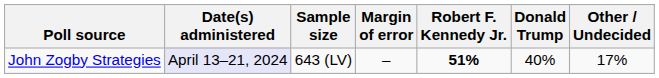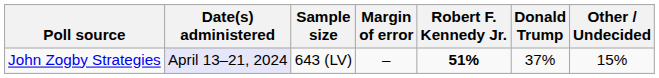 <table class="wikitable sortable mw-datatable" style="font-size:90%;text-align:center;line-height:17px">
 <tr valign=bottom>
 <th>Poll source</th>
 <th>Date(s)<br>administered</th>
 <th>Sample<br>size</th>
 <th>Margin<br>of error</th>
 <th class="unsortable">Robert F.<br>Kennedy Jr.<br></th>
 <th class="unsortable">Donald<br>Trump<br></th>
 <th class="unsortable">Other /<br>Undecided</th>
 </tr>
 <tr>
 <td style="text-align:left;"><a href='#'>John Zogby Strategies</a></td>
 <td data-sort-value="2024-05-01" style="background: lavender;">April 13–21, 2024</td>
 <td>643 (LV)</td>
 <td>–</td>
 <td style="background-color:"><strong>51%</strong></td>
-<td>40%</td>
-<td>17%</td>
+<td>37%</td>
+<td>15%</td>
 </tr>
 </table>
